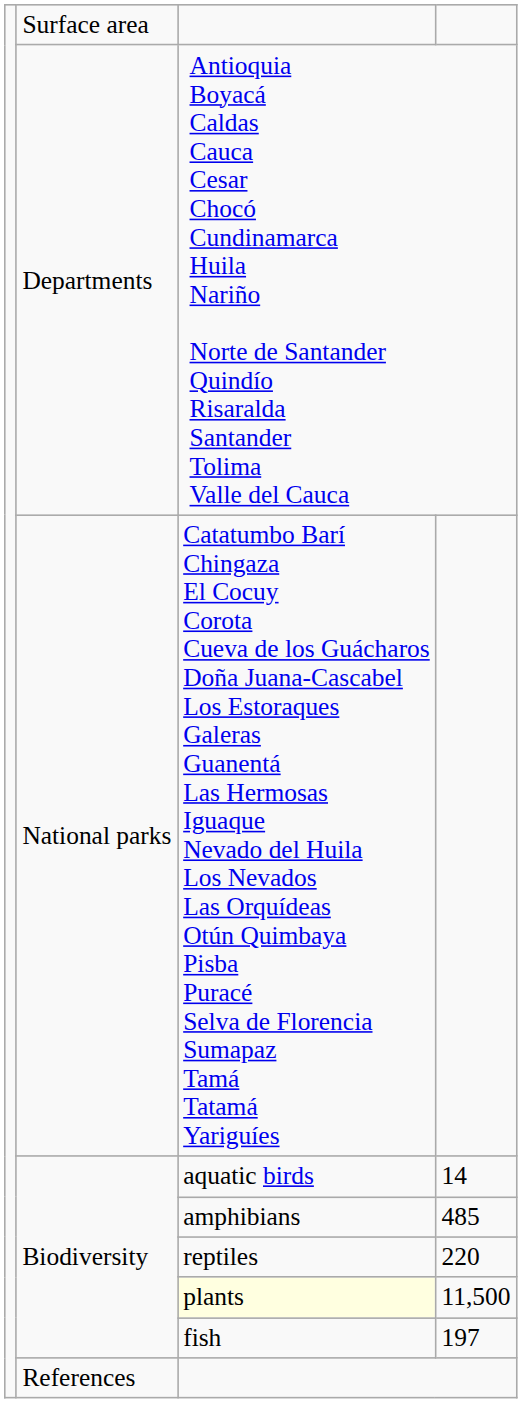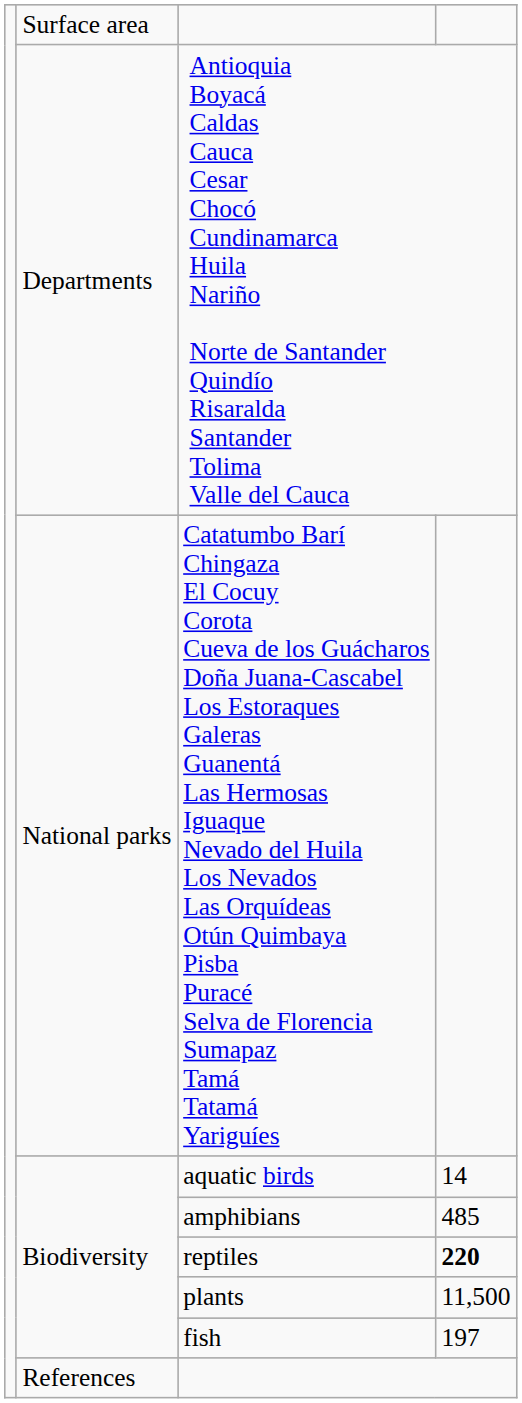 <table class="wikitable sortable mw-collapsible">
 <tr>
 <td rowspan=9></td>
 <td>Surface area</td>
 <td></td>
 <td></td>
 </tr>
 <tr>
 <td>Departments</td>
 <td colspan=2> <a href='#'>Antioquia</a><br> <a href='#'>Boyacá</a><br> <a href='#'>Caldas</a><br> <a href='#'>Cauca</a><br> <a href='#'>Cesar</a><br> <a href='#'>Chocó</a><br> <a href='#'>Cundinamarca</a><br> <a href='#'>Huila</a><br> <a href='#'>Nariño</a><br><br> <a href='#'>Norte de Santander</a><br> <a href='#'>Quindío</a><br> <a href='#'>Risaralda</a><br> <a href='#'>Santander</a><br> <a href='#'>Tolima</a><br> <a href='#'>Valle del Cauca</a></td>
 </tr>
 <tr>
 <td>National parks</td>
 <td><a href='#'>Catatumbo Barí</a><br><a href='#'>Chingaza</a><br><a href='#'>El Cocuy</a><br><a href='#'>Corota</a><br><a href='#'>Cueva de los Guácharos</a><br><a href='#'>Doña Juana-Cascabel</a><br><a href='#'>Los Estoraques</a><br><a href='#'>Galeras</a><br><a href='#'>Guanentá</a><br><a href='#'>Las Hermosas</a><br><a href='#'>Iguaque</a><br><a href='#'>Nevado del Huila</a><br><a href='#'>Los Nevados</a><br><a href='#'>Las Orquídeas</a><br><a href='#'>Otún Quimbaya</a><br><a href='#'>Pisba</a><br><a href='#'>Puracé</a><br><a href='#'>Selva de Florencia</a><br><a href='#'>Sumapaz</a><br><a href='#'>Tamá</a><br><a href='#'>Tatamá</a><br><a href='#'>Yariguíes</a></td>
 <td></td>
 </tr>
 <tr>
 <td rowspan=5>Biodiversity</td>
 <td>aquatic <a href='#'>birds</a></td>
 <td>14</td>
 </tr>
 <tr>
 <td>amphibians</td>
 <td>485</td>
 </tr>
 <tr>
 <td>reptiles</td>
-<td>220</td>
+<td><strong>220</strong></td>
 </tr>
 <tr>
-<td style="background: lightyellow;">plants</td>
+<td>plants</td>
 <td>11,500</td>
 </tr>
 <tr>
 <td>fish</td>
 <td>197</td>
 </tr>
 <tr>
 <td>References</td>
 <td colspan=2></td>
 </tr>
 </table>
